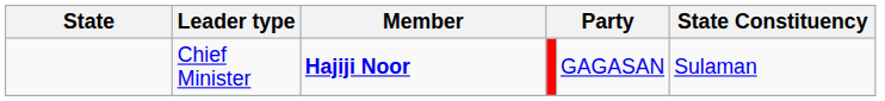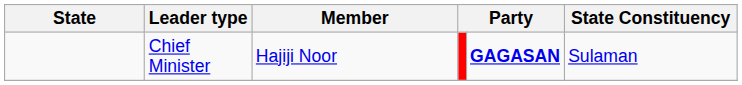 <table class ="wikitable sortable">
 <tr>
 <th style="width:120px;">State</th>
 <th style="width:90px;">Leader type</th>
 <th style="width:180px;">Member</th>
 <th style="width:84px;" colspan=2>Party</th>
 <th style="width:150px;">State Constituency</th>
 </tr>
 <tr>
 <td></td>
 <td><a href='#'>Chief Minister</a></td>
-<td><strong><a href='#'>Hajiji Noor</a></strong></td>
+<td><a href='#'>Hajiji Noor</a></td>
 <td style="background:red"></td>
-<td><a href='#'>GAGASAN</a></td>
+<td><strong><a href='#'>GAGASAN</a></strong></td>
 <td><a href='#'>Sulaman</a></td>
 </tr>
 <tr>
 </tr>
 </table>
